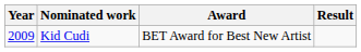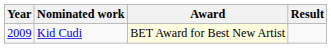 <table class="wikitable">
 <tr>
 <th>Year</th>
 <th>Nominated work</th>
 <th>Award</th>
 <th>Result</th>
 </tr>
 <tr>
 <td rowspan="3"><a href='#'>2009</a></td>
 <td><a href='#'>Kid Cudi</a></td>
-<td>BET Award for Best New Artist</td>
+<td style="background: lightyellow;">BET Award for Best New Artist</td>
 <td></td>
 </tr>
 </table>
